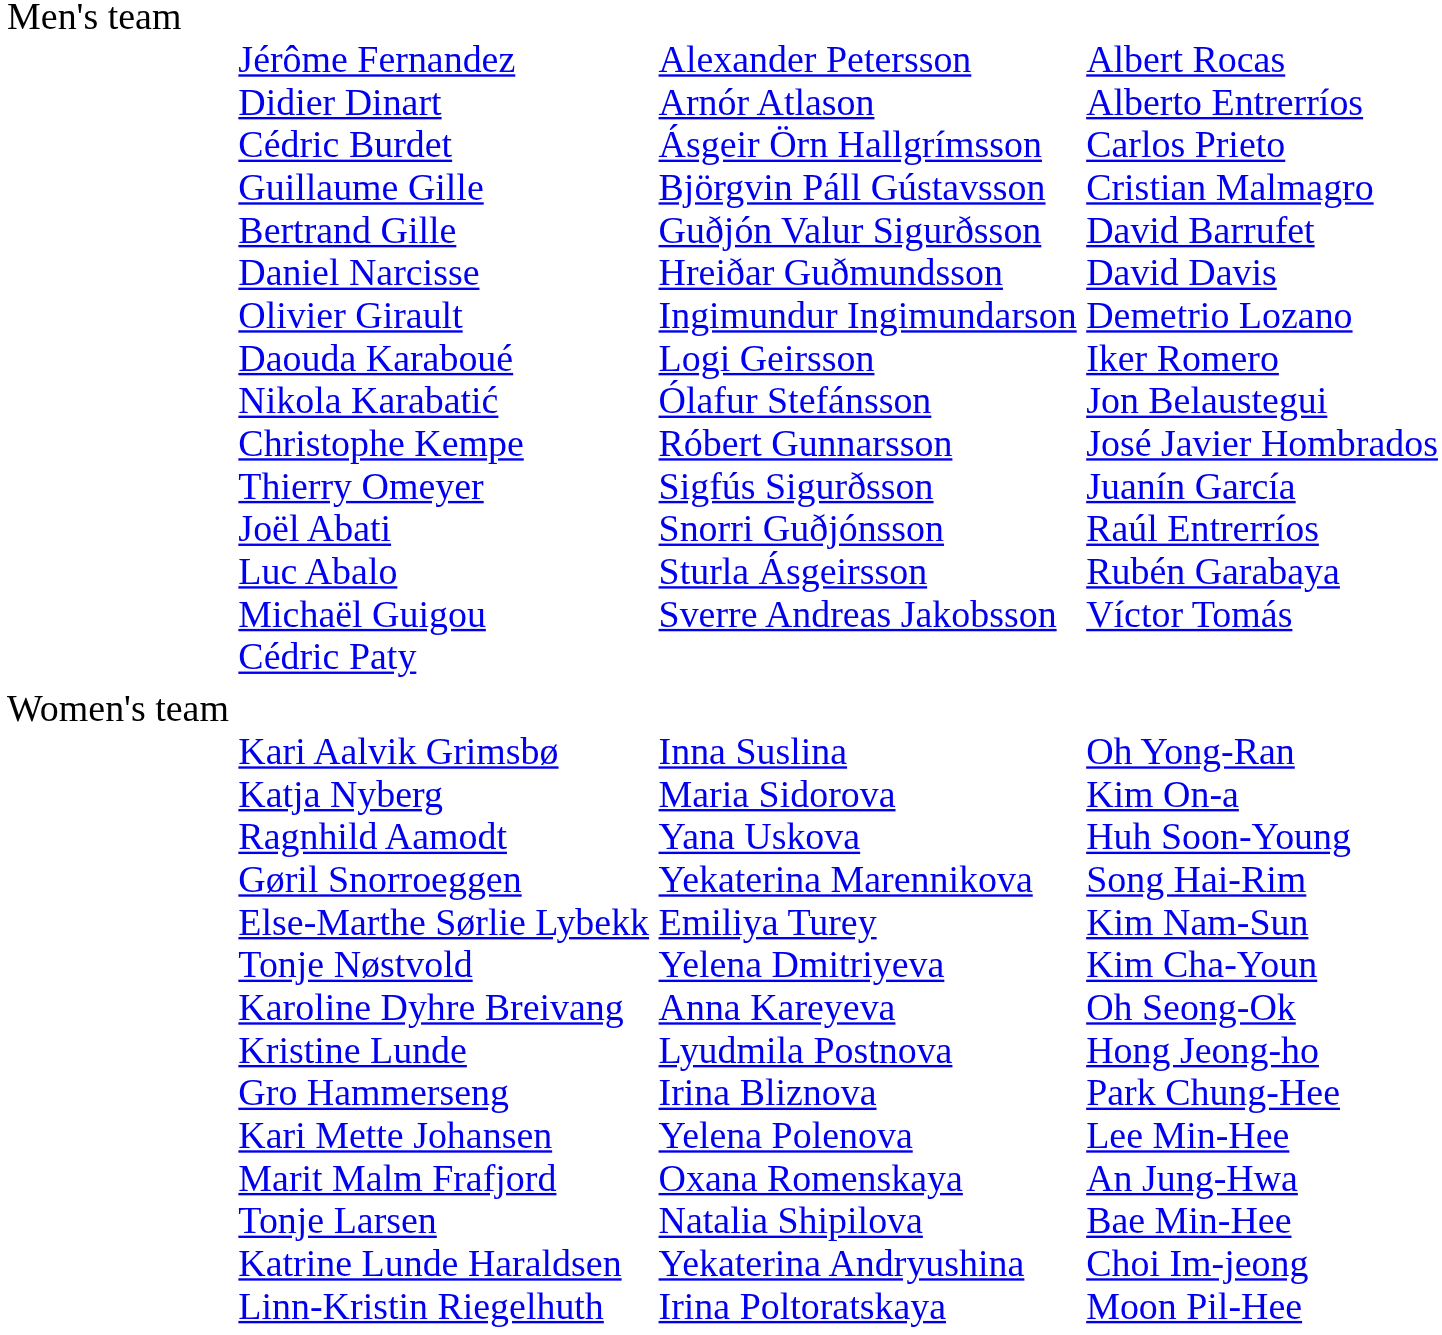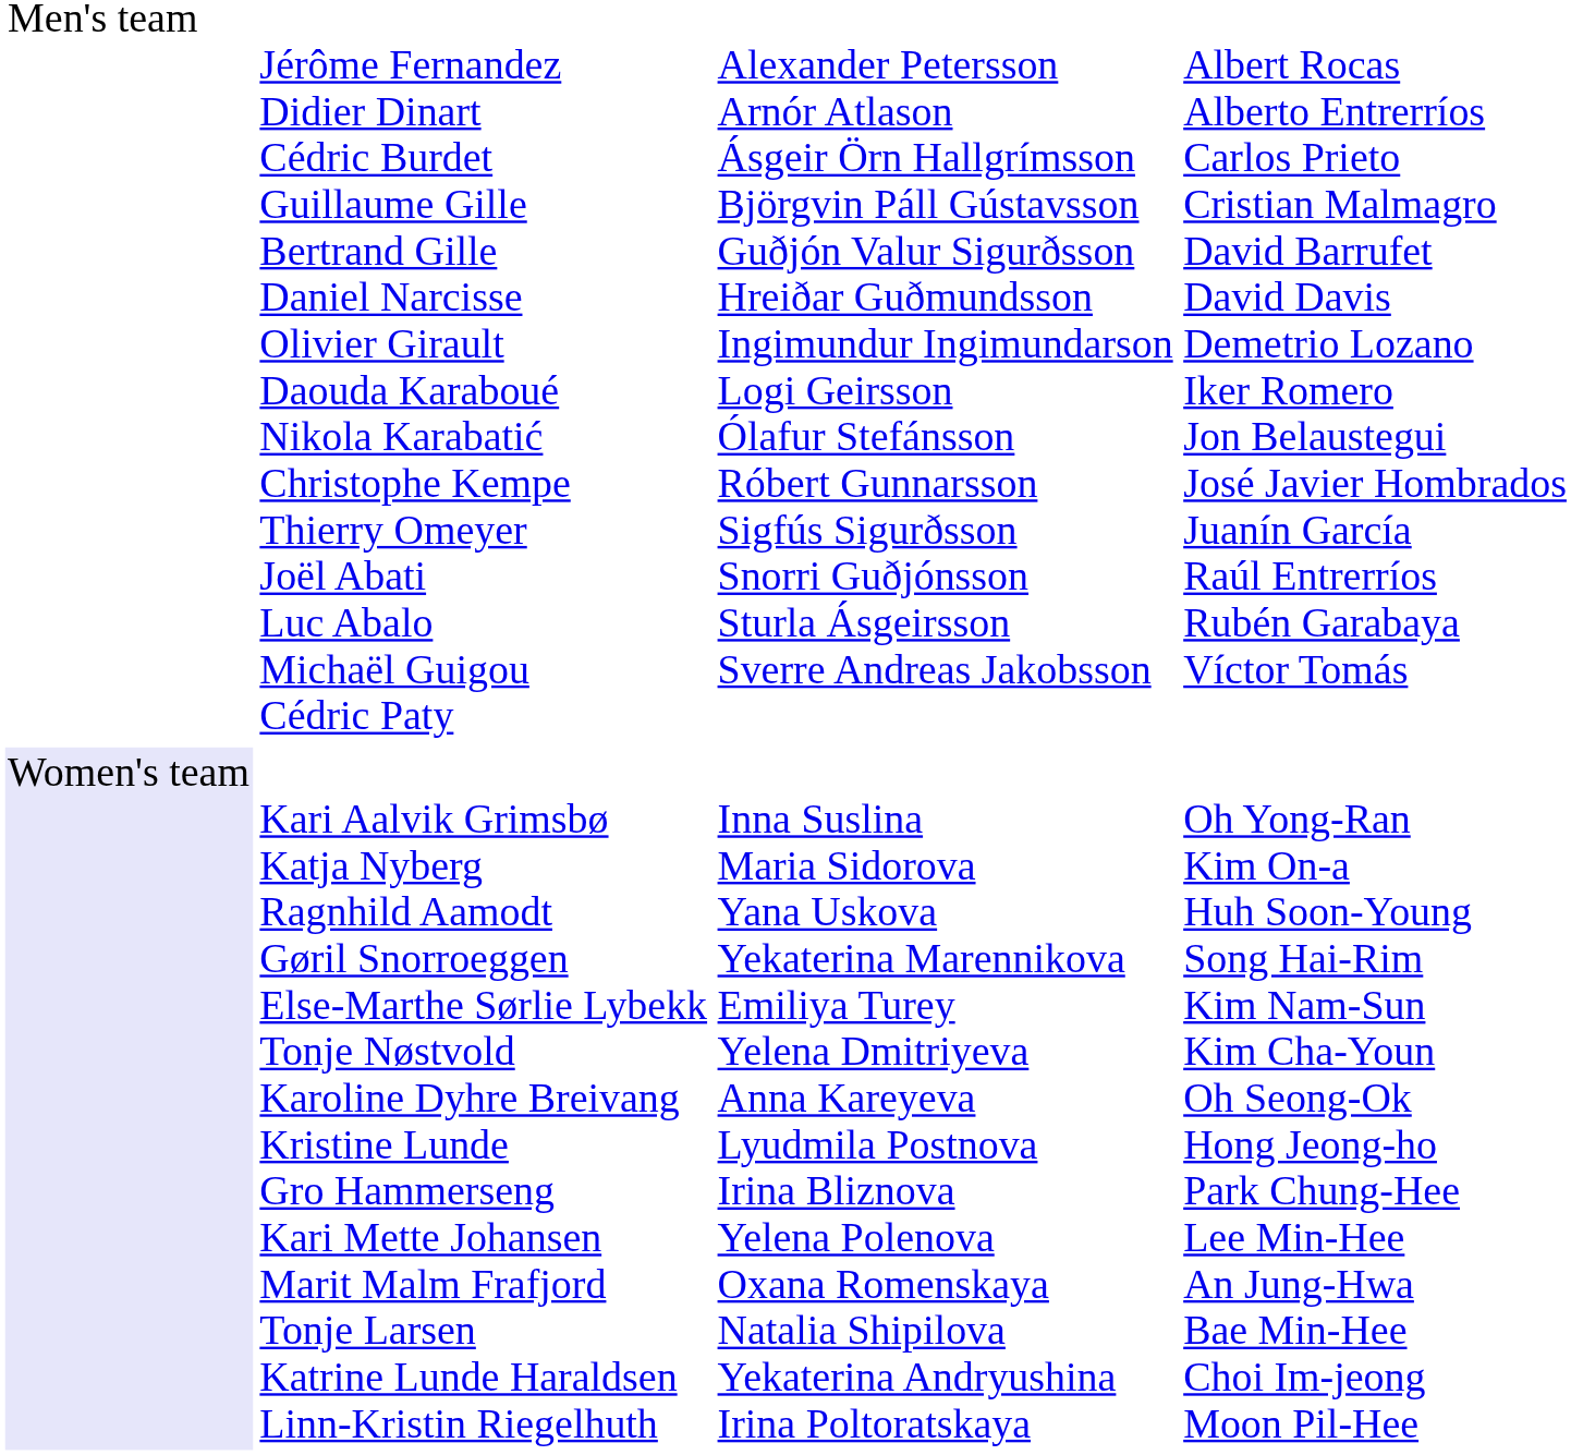 <table>
 <tr valign="top">
 <td>Men's team<br></td>
 <td><br><a href='#'>Jérôme Fernandez</a><br><a href='#'>Didier Dinart</a><br><a href='#'>Cédric Burdet</a><br> <a href='#'>Guillaume Gille</a><br> <a href='#'>Bertrand Gille</a><br><a href='#'>Daniel Narcisse</a><br><a href='#'>Olivier Girault</a><br><a href='#'>Daouda Karaboué</a><br><a href='#'>Nikola Karabatić</a><br><a href='#'>Christophe Kempe</a><br><a href='#'>Thierry Omeyer</a><br><a href='#'>Joël Abati</a><br><a href='#'>Luc Abalo</a><br><a href='#'>Michaël Guigou</a><br><a href='#'>Cédric Paty</a></td>
 <td><br><a href='#'>Alexander Petersson</a><br><a href='#'>Arnór Atlason</a><br><a href='#'>Ásgeir Örn Hallgrímsson</a><br><a href='#'>Björgvin Páll Gústavsson</a><br><a href='#'>Guðjón Valur Sigurðsson</a><br><a href='#'>Hreiðar Guðmundsson</a><br><a href='#'>Ingimundur Ingimundarson</a><br><a href='#'>Logi Geirsson</a><br><a href='#'>Ólafur Stefánsson</a><br><a href='#'>Róbert Gunnarsson</a><br><a href='#'>Sigfús Sigurðsson</a><br><a href='#'>Snorri Guðjónsson</a><br><a href='#'>Sturla Ásgeirsson</a><br><a href='#'>Sverre Andreas Jakobsson</a></td>
 <td><br><a href='#'>Albert Rocas</a><br><a href='#'>Alberto Entrerríos</a><br><a href='#'>Carlos Prieto</a><br><a href='#'>Cristian Malmagro</a><br><a href='#'>David Barrufet</a><br><a href='#'>David Davis</a><br><a href='#'>Demetrio Lozano</a><br><a href='#'>Iker Romero</a><br><a href='#'>Jon Belaustegui</a><br><a href='#'>José Javier Hombrados</a><br><a href='#'>Juanín García</a><br><a href='#'>Raúl Entrerríos</a><br><a href='#'>Rubén Garabaya</a><br><a href='#'>Víctor Tomás</a></td>
 </tr>
 <tr valign="top">
-<td>Women's team<br></td>
+<td style="background: lavender;">Women's team<br></td>
 <td><br><a href='#'>Kari Aalvik Grimsbø</a><br><a href='#'>Katja Nyberg</a><br><a href='#'>Ragnhild Aamodt</a><br><a href='#'>Gøril Snorroeggen</a><br><a href='#'>Else-Marthe Sørlie Lybekk</a><br><a href='#'>Tonje Nøstvold</a><br><a href='#'>Karoline Dyhre Breivang</a><br><a href='#'>Kristine Lunde</a><br><a href='#'>Gro Hammerseng</a><br><a href='#'>Kari Mette Johansen</a><br><a href='#'>Marit Malm Frafjord</a><br><a href='#'>Tonje Larsen</a><br><a href='#'>Katrine Lunde Haraldsen</a><br><a href='#'>Linn-Kristin Riegelhuth</a></td>
 <td><br><a href='#'>Inna Suslina</a><br><a href='#'>Maria Sidorova</a><br><a href='#'>Yana Uskova</a><br><a href='#'>Yekaterina Marennikova</a><br><a href='#'>Emiliya Turey</a><br><a href='#'>Yelena Dmitriyeva</a><br><a href='#'>Anna Kareyeva</a><br><a href='#'>Lyudmila Postnova</a><br><a href='#'>Irina Bliznova</a><br><a href='#'>Yelena Polenova</a><br><a href='#'>Oxana Romenskaya</a><br><a href='#'>Natalia Shipilova</a><br><a href='#'>Yekaterina Andryushina</a><br><a href='#'>Irina Poltoratskaya</a></td>
 <td><br><a href='#'>Oh Yong-Ran</a><br><a href='#'>Kim On-a</a><br><a href='#'>Huh Soon-Young</a><br><a href='#'>Song Hai-Rim</a><br><a href='#'>Kim Nam-Sun</a><br><a href='#'>Kim Cha-Youn</a><br><a href='#'>Oh Seong-Ok</a><br><a href='#'>Hong Jeong-ho</a><br><a href='#'>Park Chung-Hee</a><br><a href='#'>Lee Min-Hee</a><br><a href='#'>An Jung-Hwa</a><br><a href='#'>Bae Min-Hee</a><br><a href='#'>Choi Im-jeong</a><br><a href='#'>Moon Pil-Hee</a></td>
 </tr>
 </table>
